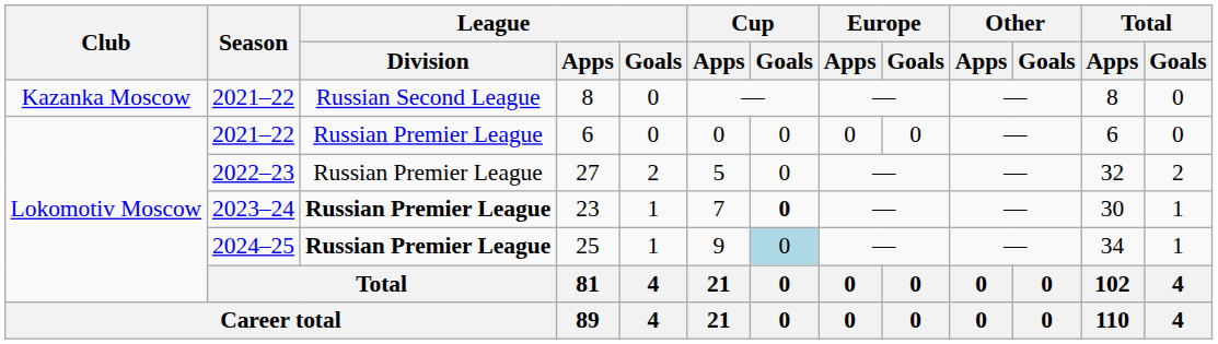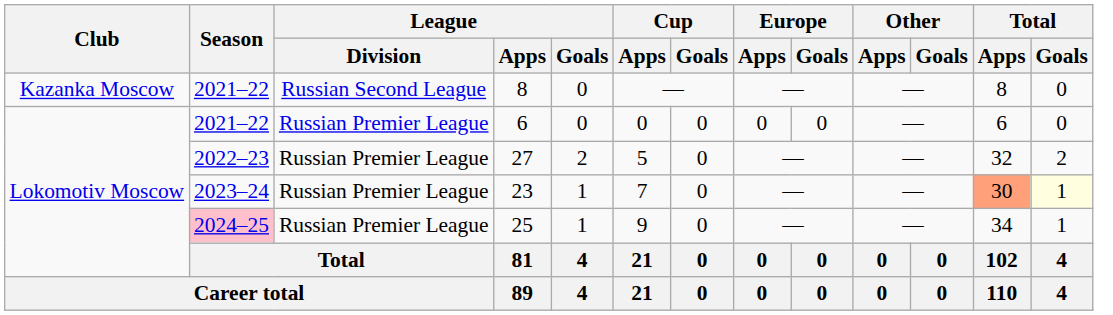 <table class="wikitable" style="text-align: center;">
 <tr>
 <th rowspan="2">Club</th>
 <th rowspan="2">Season</th>
 <th colspan="3">League</th>
 <th colspan="2">Cup</th>
 <th colspan="2">Europe</th>
 <th colspan="2">Other</th>
 <th colspan="2">Total</th>
 </tr>
 <tr>
 <th>Division</th>
 <th>Apps</th>
 <th>Goals</th>
 <th>Apps</th>
 <th>Goals</th>
 <th>Apps</th>
 <th>Goals</th>
 <th>Apps</th>
 <th>Goals</th>
 <th>Apps</th>
 <th>Goals</th>
 </tr>
 <tr>
 <td><a href='#'>Kazanka Moscow</a></td>
 <td><a href='#'>2021–22</a></td>
 <td><a href='#'>Russian Second League</a></td>
 <td>8</td>
 <td>0</td>
 <td colspan=2>—</td>
 <td colspan=2>—</td>
 <td colspan=2>—</td>
 <td>8</td>
 <td>0</td>
 </tr>
 <tr>
 <td rowspan="5"><a href='#'>Lokomotiv Moscow</a></td>
 <td><a href='#'>2021–22</a></td>
 <td><a href='#'>Russian Premier League</a></td>
 <td>6</td>
 <td>0</td>
 <td>0</td>
 <td>0</td>
 <td>0</td>
 <td>0</td>
 <td colspan=2>—</td>
 <td>6</td>
 <td>0</td>
 </tr>
 <tr>
 <td><a href='#'>2022–23</a></td>
 <td>Russian Premier League</td>
 <td>27</td>
 <td>2</td>
 <td>5</td>
 <td>0</td>
 <td colspan=2>—</td>
 <td colspan=2>—</td>
 <td>32</td>
 <td>2</td>
 </tr>
 <tr>
 <td><a href='#'>2023–24</a></td>
-<td><strong>Russian Premier League</strong></td>
+<td>Russian Premier League</td>
 <td>23</td>
 <td>1</td>
 <td>7</td>
-<td><strong>0</strong></td>
+<td>0</td>
 <td colspan=2>—</td>
 <td colspan=2>—</td>
-<td>30</td>
-<td>1</td>
+<td style="background: lightsalmon;">30</td>
+<td style="background: lightyellow;">1</td>
 </tr>
 <tr>
-<td><a href='#'>2024–25</a></td>
-<td><strong>Russian Premier League</strong></td>
+<td style="background: pink;"><a href='#'>2024–25</a></td>
+<td>Russian Premier League</td>
 <td>25</td>
 <td>1</td>
 <td>9</td>
-<td style="background: lightblue;">0</td>
+<td>0</td>
 <td colspan=2>—</td>
 <td colspan=2>—</td>
 <td>34</td>
 <td>1</td>
 </tr>
 <tr>
 <th colspan="2">Total</th>
 <th>81</th>
 <th>4</th>
 <th>21</th>
 <th>0</th>
 <th>0</th>
 <th>0</th>
 <th>0</th>
 <th>0</th>
 <th>102</th>
 <th>4</th>
 </tr>
 <tr>
 <th colspan="3">Career total</th>
 <th>89</th>
 <th>4</th>
 <th>21</th>
 <th>0</th>
 <th>0</th>
 <th>0</th>
 <th>0</th>
 <th>0</th>
 <th>110</th>
 <th>4</th>
 </tr>
 </table>
